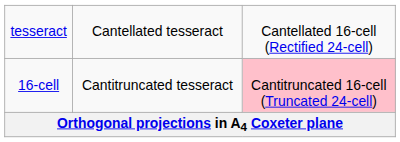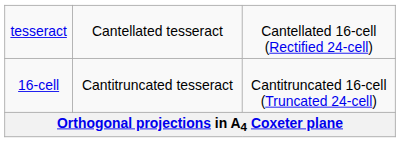 <table class=wikitable align=right width=450>
 <tr align=center valign=top>
 <td><br><a href='#'>tesseract</a><br></td>
 <td><br>Cantellated tesseract<br></td>
 <td><br>Cantellated 16-cell<br>(<a href='#'>Rectified 24-cell</a>)<br></td>
 </tr>
 <tr align=center valign=top>
 <td><br><a href='#'>16-cell</a><br></td>
 <td><br>Cantitruncated tesseract<br></td>
-<td style="background: pink;"><br>Cantitruncated 16-cell<br>(<a href='#'>Truncated 24-cell</a>)<br></td>
+<td><br>Cantitruncated 16-cell<br>(<a href='#'>Truncated 24-cell</a>)<br></td>
 </tr>
 <tr>
 <th colspan=3><a href='#'>Orthogonal projections</a> in A<sub>4</sub> <a href='#'>Coxeter plane</a></th>
 </tr>
 </table>
